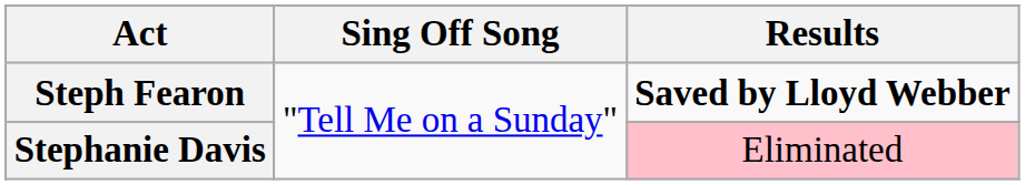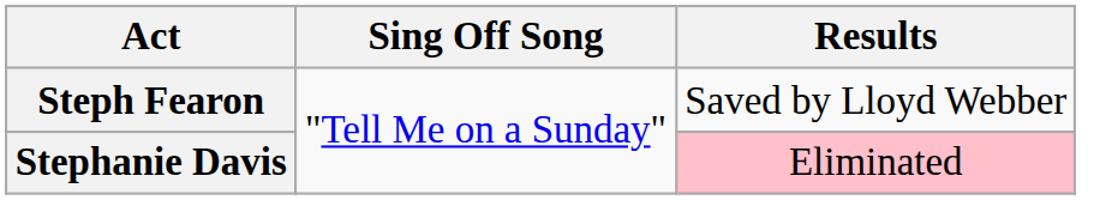 <table class="wikitable plainrowheaders" style="text-align:center;">
 <tr>
 <th scope="col">Act</th>
 <th scope="col">Sing Off Song</th>
 <th scope="col">Results</th>
 </tr>
 <tr>
 <th scope="row">Steph Fearon</th>
 <td rowspan="2">"<a href='#'>Tell Me on a Sunday</a>"</td>
-<td><strong>Saved by Lloyd Webber</strong></td>
+<td>Saved by Lloyd Webber</td>
 </tr>
 <tr>
 <th scope="row">Stephanie Davis</th>
 <td style="background:pink">Eliminated</td>
 </tr>
 </table>
